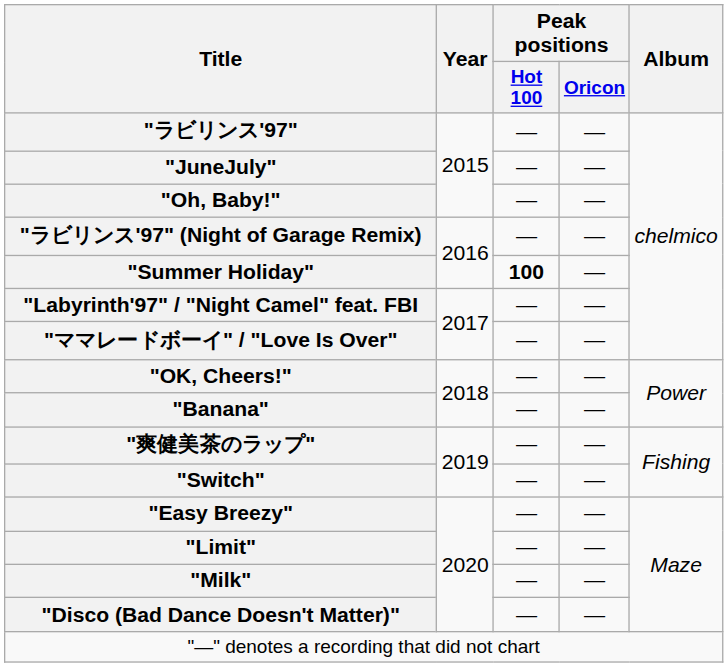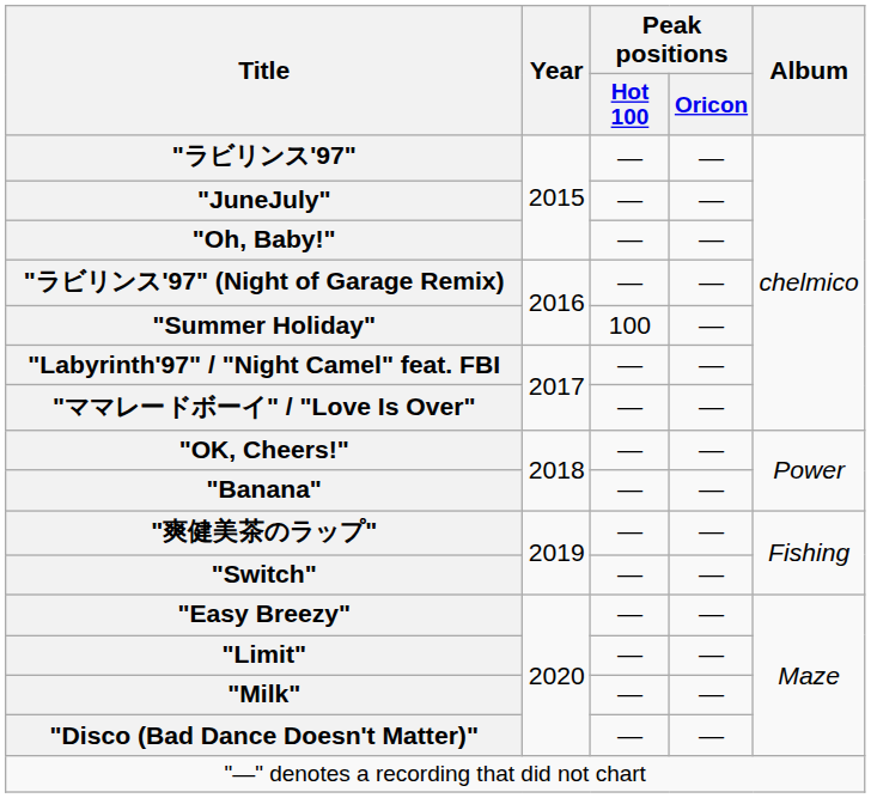 <table class="wikitable plainrowheaders" style="text-align:center;">
 <tr>
 <th scope="col" rowspan="2" style="width:20em;">Title</th>
 <th rowspan="2">Year</th>
 <th colspan="2">Peak positions</th>
 <th rowspan="2">Album</th>
 </tr>
 <tr>
 <th scope="col" style="width:3em;font-size:90%;"><a href='#'>Hot 100</a></th>
 <th scope="col" style="width:3em;font-size:90%;"><a href='#'>Oricon</a></th>
 </tr>
 <tr>
 <th scope="row">"ラビリンス'97"</th>
 <td rowspan="3">2015</td>
 <td>—</td>
 <td>—</td>
 <td rowspan="7"><em>chelmico</em></td>
 </tr>
 <tr>
 <th scope="row">"JuneJuly"</th>
 <td>—</td>
 <td>—</td>
 </tr>
 <tr>
 <th scope="row">"Oh, Baby!"</th>
 <td>—</td>
 <td>—</td>
 </tr>
 <tr>
 <th scope="row">"ラビリンス'97" (Night of Garage Remix)</th>
 <td rowspan="2">2016</td>
 <td>—</td>
 <td>—</td>
 </tr>
 <tr>
 <th scope="row">"Summer Holiday"</th>
-<td><strong>100</strong></td>
+<td>100</td>
 <td>—</td>
 </tr>
 <tr>
 <th scope="row">"Labyrinth'97" / "Night Camel" feat. FBI</th>
 <td rowspan="2">2017</td>
 <td>—</td>
 <td>—</td>
 </tr>
 <tr>
 <th scope="row">"ママレードボーイ" / "Love Is Over"</th>
 <td>—</td>
 <td>—</td>
 </tr>
 <tr>
 <th scope="row">"OK, Cheers!"</th>
 <td rowspan="2">2018</td>
 <td>—</td>
 <td>—</td>
 <td rowspan="2"><em>Power</em></td>
 </tr>
 <tr>
 <th scope="row">"Banana"</th>
 <td>—</td>
 <td>—</td>
 </tr>
 <tr>
 <th scope="row">"爽健美茶のラップ"</th>
 <td rowspan="2">2019</td>
 <td>—</td>
 <td>—</td>
 <td rowspan="2"><em>Fishing</em></td>
 </tr>
 <tr>
 <th scope="row">"Switch"</th>
 <td>—</td>
 <td>—</td>
 </tr>
 <tr>
 <th scope="row">"Easy Breezy"</th>
 <td rowspan="4">2020</td>
 <td>—</td>
 <td>—</td>
 <td rowspan="4"><em>Maze</em></td>
 </tr>
 <tr>
 <th scope="row">"Limit"</th>
 <td>—</td>
 <td>—</td>
 </tr>
 <tr>
 <th scope="row">"Milk"</th>
 <td>—</td>
 <td>—</td>
 </tr>
 <tr>
 <th scope="row">"Disco (Bad Dance Doesn't Matter)"</th>
 <td>—</td>
 <td>—</td>
 </tr>
 <tr>
 <td colspan="5" style="font-size:90%">"—" denotes a recording that did not chart</td>
 </tr>
 </table>
